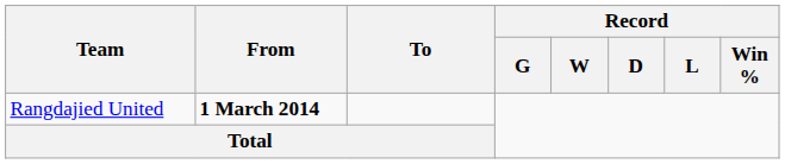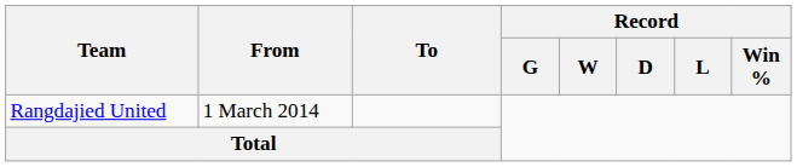 <table class="wikitable" style="text-align: center">
 <tr>
 <th rowspan=2! width=150>Team</th>
 <th rowspan=2! width=120>From</th>
 <th rowspan=2! width=120>To</th>
 <th colspan=7>Record</th>
 </tr>
 <tr>
 <th width=40>G</th>
 <th width=40>W</th>
 <th width=40>D</th>
 <th width=40>L</th>
 <th width=40>Win %</th>
 </tr>
 <tr>
 <td align=left><a href='#'>Rangdajied United</a></td>
-<td align=left><strong>1 March 2014</strong></td>
+<td align=left>1 March 2014</td>
 <td align=left><br></td>
 </tr>
 <tr>
 <th colspan="3">Total<br></th>
 </tr>
 </table>
